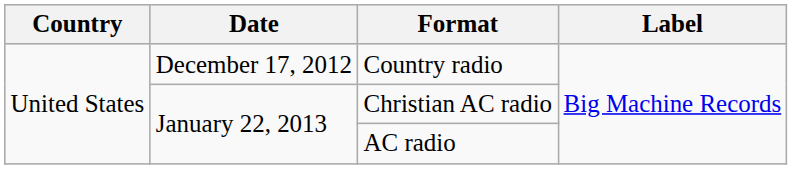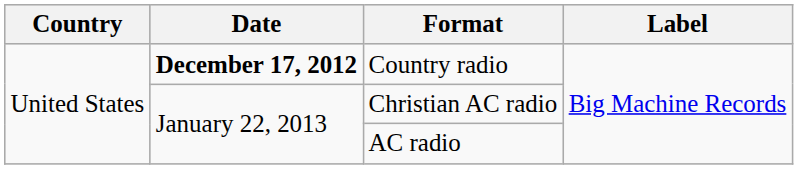 <table class="wikitable plainrowheaders">
 <tr>
 <th scope="col">Country</th>
 <th scope="col">Date</th>
 <th scope="col">Format</th>
 <th scope="col">Label</th>
 </tr>
 <tr>
 <td rowspan="3">United States</td>
-<td rowspan="1">December 17, 2012</td>
+<td rowspan="1"><strong>December 17, 2012</strong></td>
 <td>Country radio</td>
 <td rowspan="3"><a href='#'>Big Machine Records</a></td>
 </tr>
 <tr>
 <td rowspan="2">January 22, 2013</td>
 <td>Christian AC radio</td>
 </tr>
 <tr>
 <td>AC radio</td>
 </tr>
 </table>
